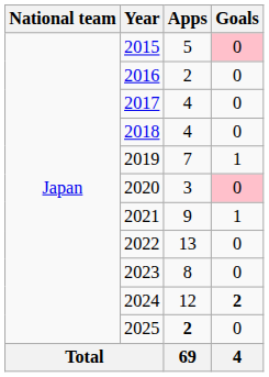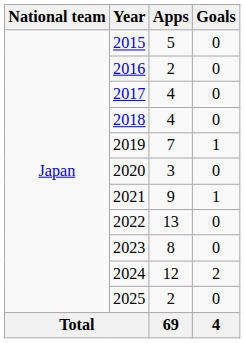 <table class="wikitable" style="text-align: center;">
 <tr>
 <th>National team</th>
 <th>Year</th>
 <th>Apps</th>
 <th>Goals</th>
 </tr>
 <tr>
 <td rowspan="11"><a href='#'>Japan</a></td>
 <td><a href='#'>2015</a></td>
 <td>5</td>
-<td style="background: pink;">0</td>
+<td>0</td>
 </tr>
 <tr>
 <td><a href='#'>2016</a></td>
 <td>2</td>
 <td>0</td>
 </tr>
 <tr>
 <td><a href='#'>2017</a></td>
 <td>4</td>
 <td>0</td>
 </tr>
 <tr>
 <td><a href='#'>2018</a></td>
 <td>4</td>
 <td>0</td>
 </tr>
 <tr>
 <td>2019</td>
 <td>7</td>
 <td>1</td>
 </tr>
 <tr>
 <td>2020</td>
 <td>3</td>
-<td style="background: pink;">0</td>
+<td>0</td>
 </tr>
 <tr>
 <td>2021</td>
 <td>9</td>
 <td>1</td>
 </tr>
 <tr>
 <td>2022</td>
 <td>13</td>
 <td>0</td>
 </tr>
 <tr>
 <td>2023</td>
 <td>8</td>
 <td>0</td>
 </tr>
 <tr>
 <td>2024</td>
 <td>12</td>
-<td><strong>2</strong></td>
+<td>2</td>
 </tr>
 <tr>
 <td>2025</td>
-<td><strong>2</strong></td>
+<td>2</td>
 <td>0</td>
 </tr>
 <tr>
 <th colspan="2">Total</th>
 <th>69</th>
 <th>4</th>
 </tr>
 </table>
